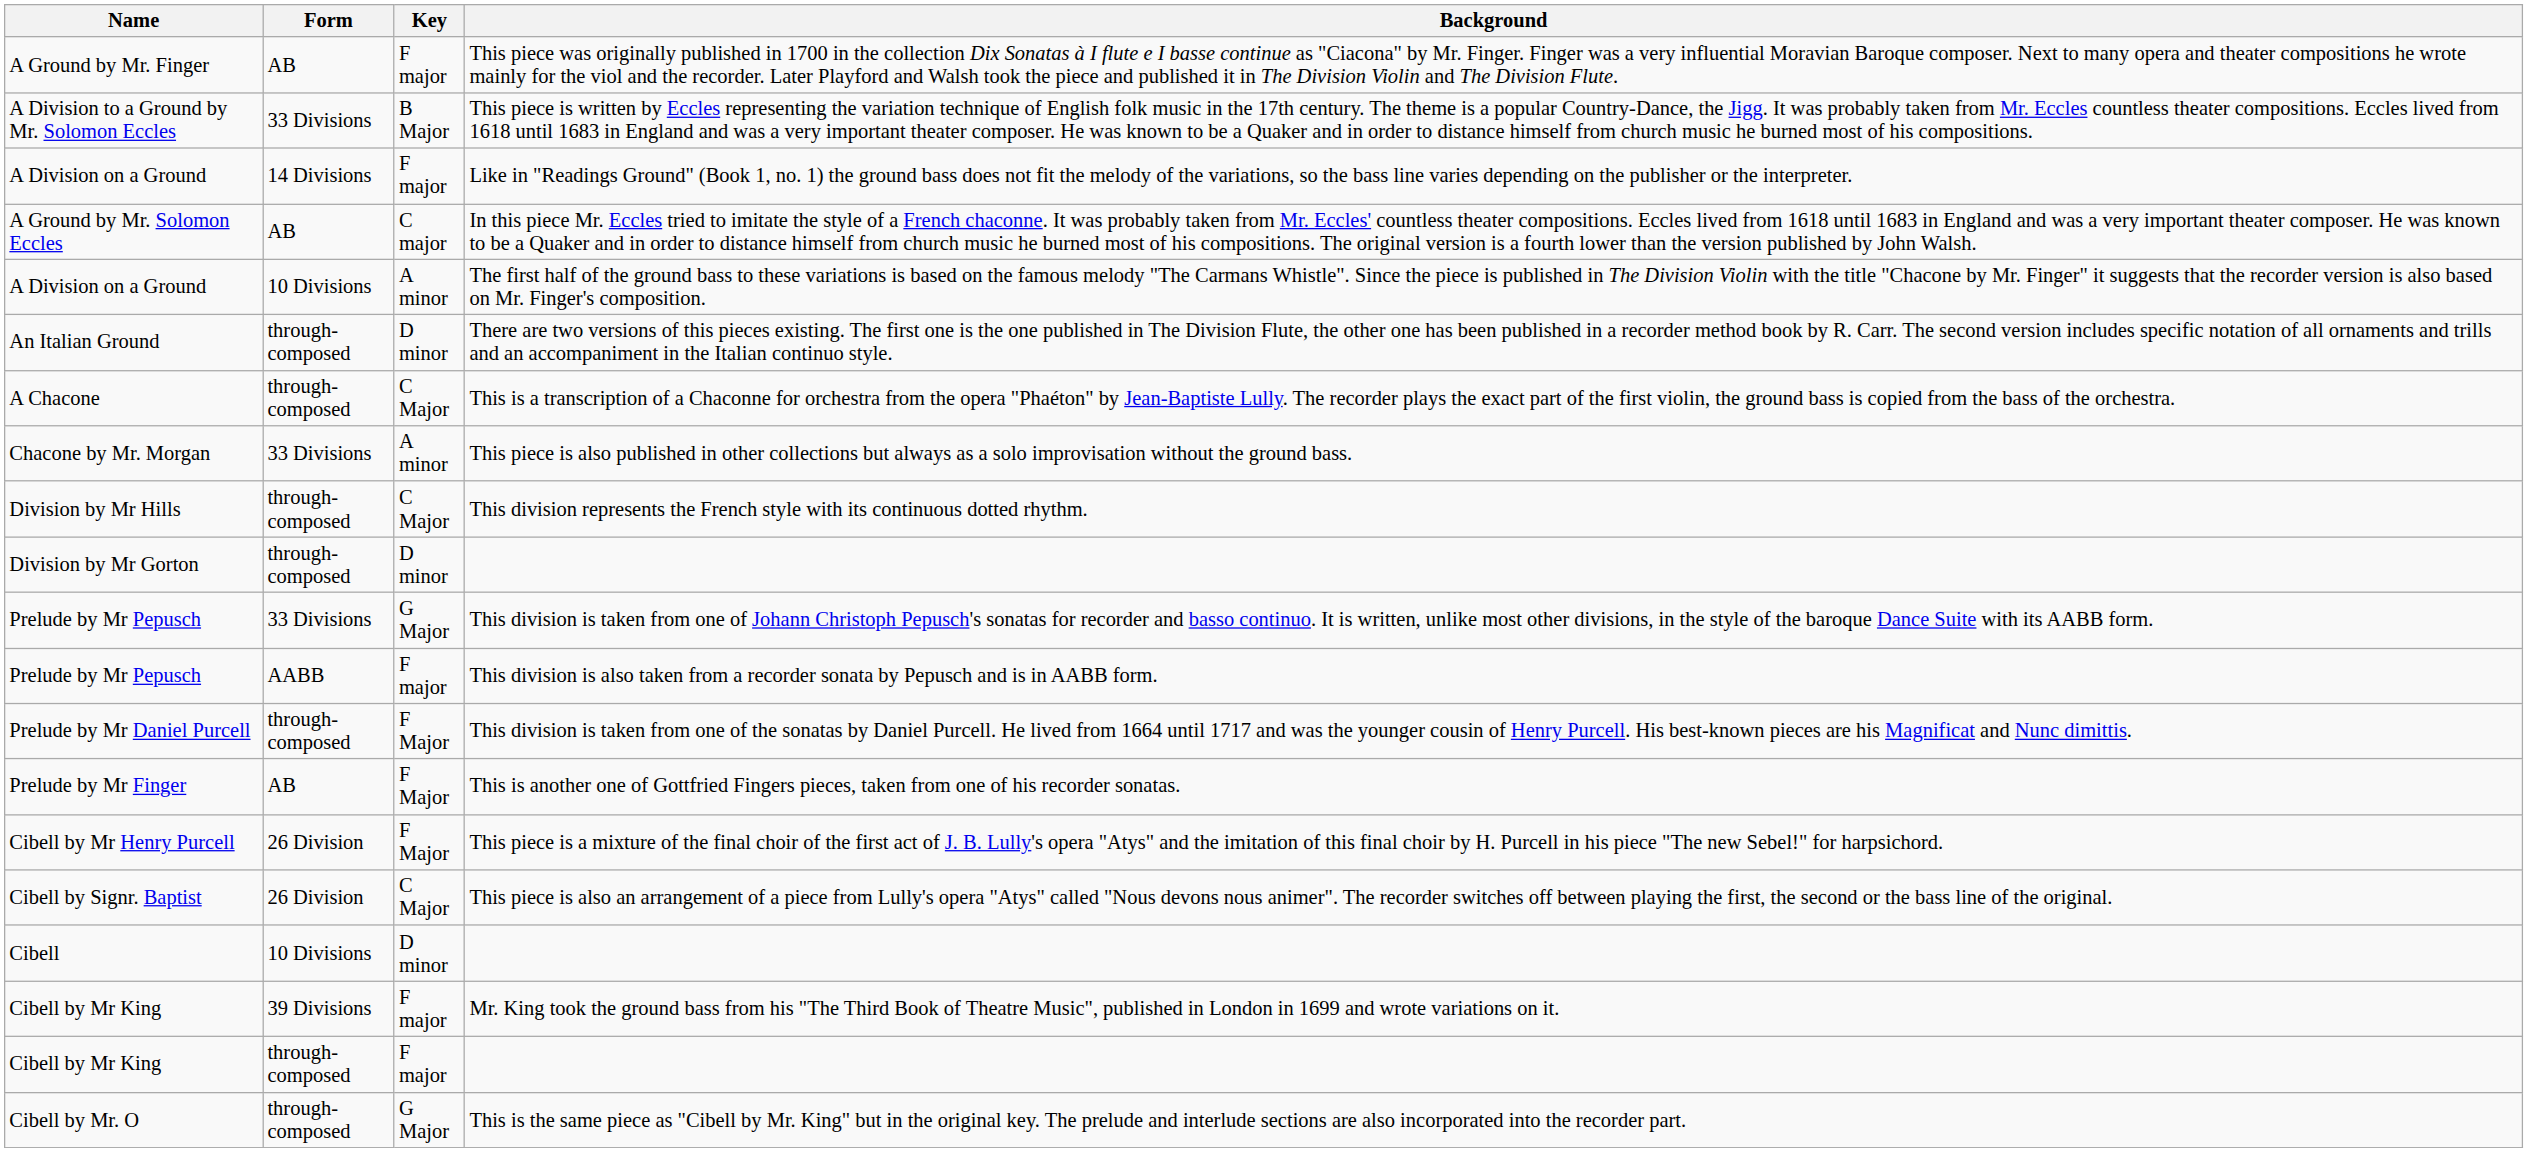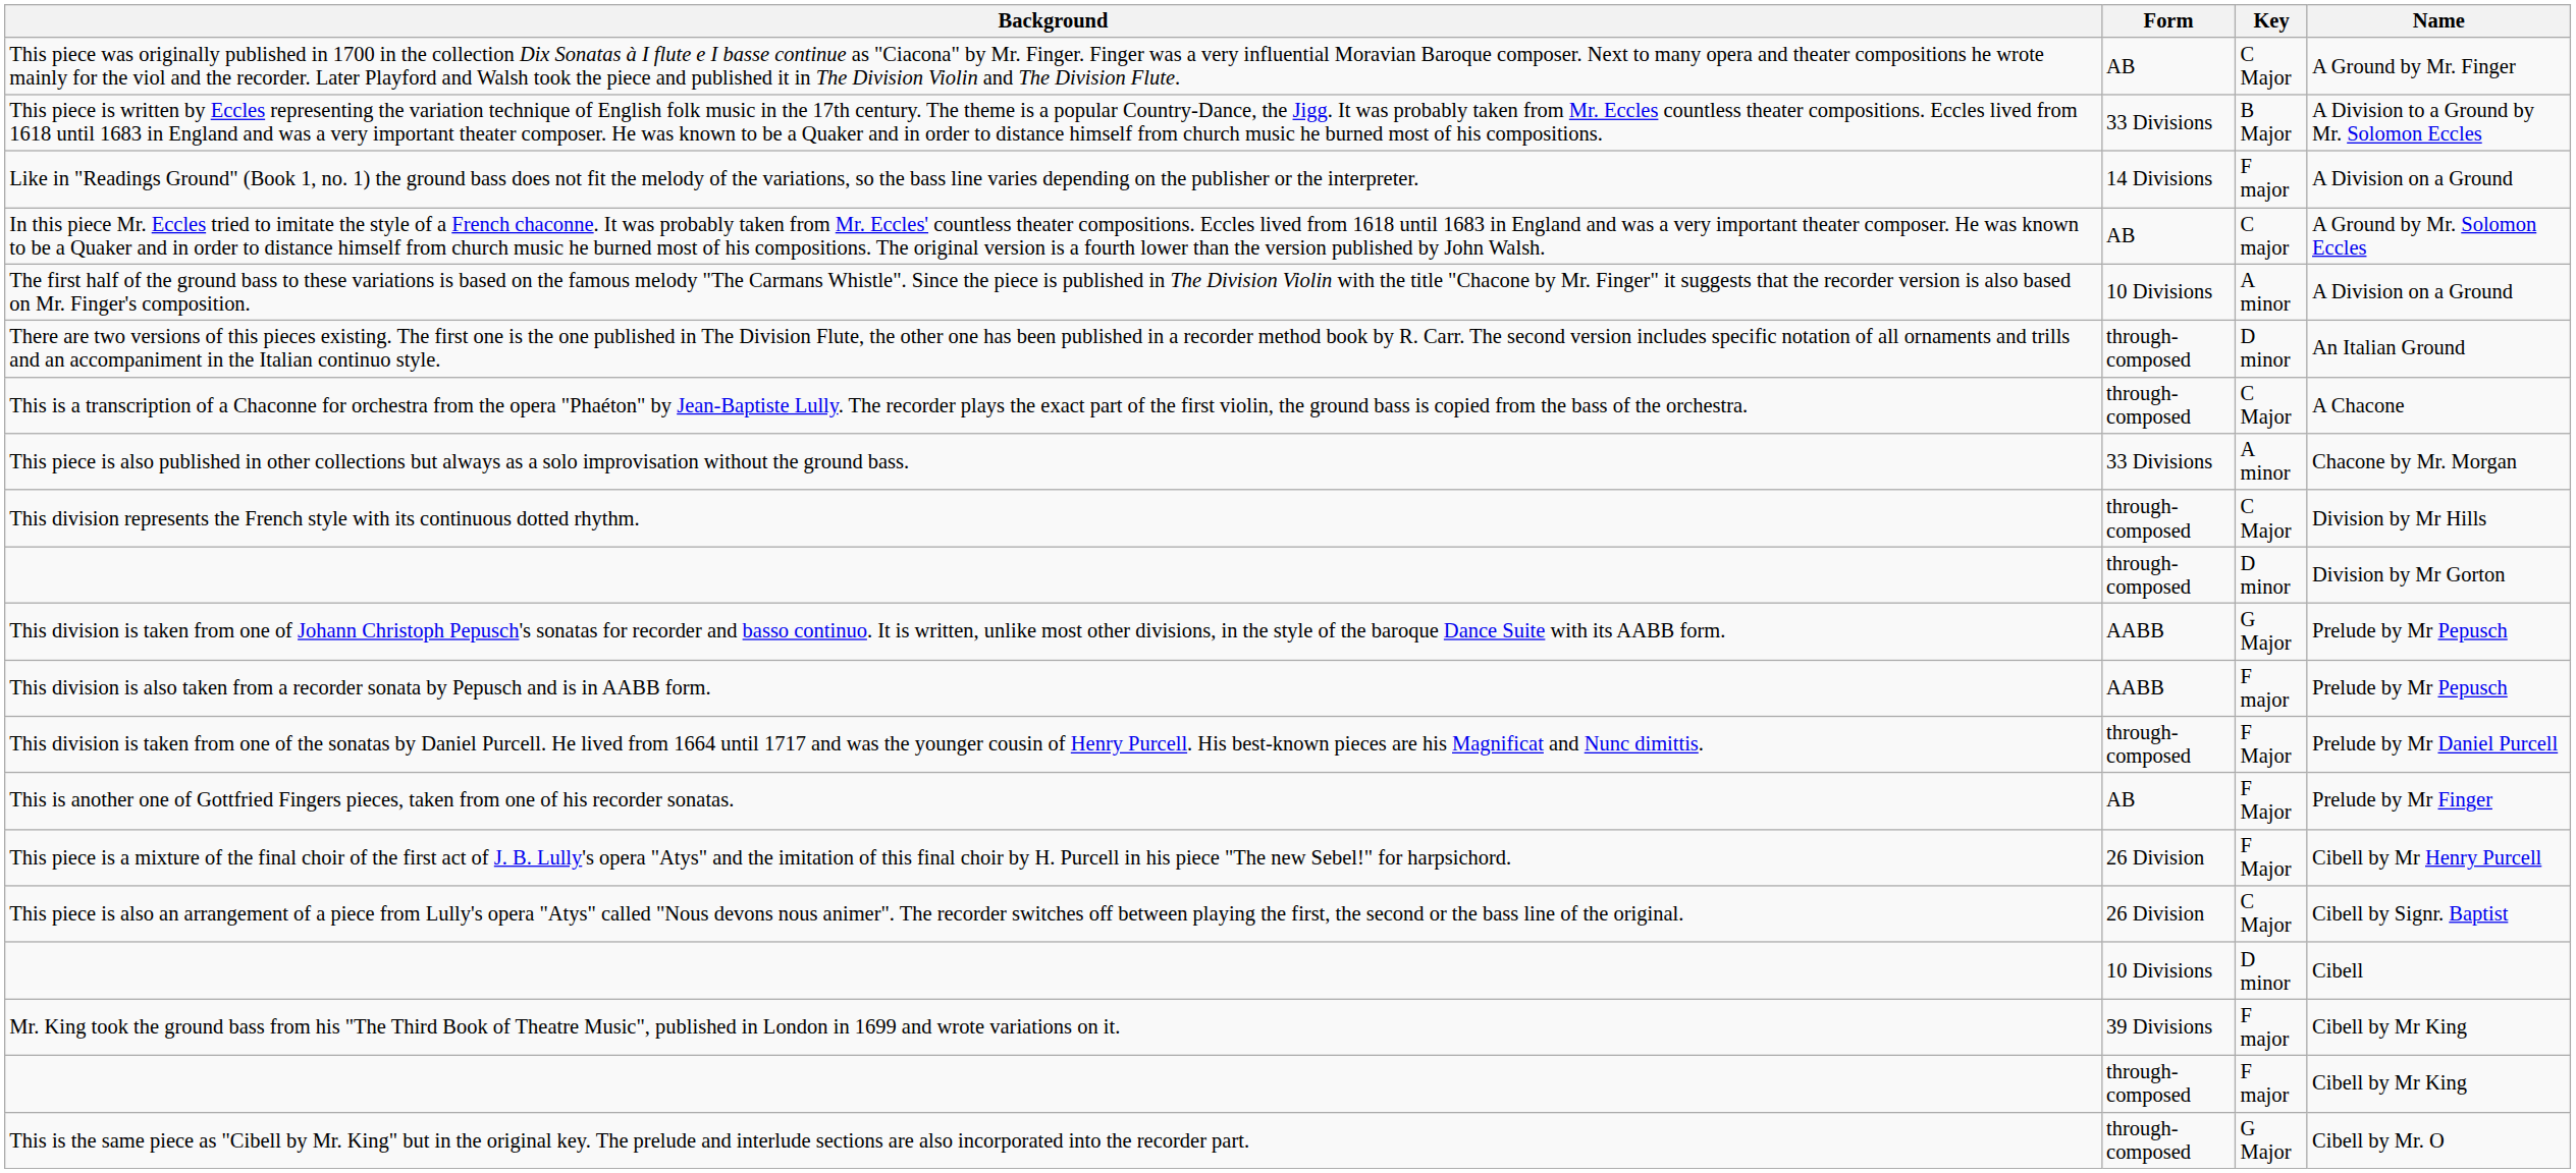 <table class="wikitable sortable">
 <tr>
-<th>Name</th>
+<th>Background</th>
 <th>Form</th>
 <th>Key</th>
-<th>Background</th>
+<th>Name</th>
 </tr>
 <tr>
+<td>This piece was originally published in 1700 in the collection <em>Dix Sonatas à I flute e I basse continue</em> as "Ciacona" by Mr. Finger. Finger was a very influential Moravian Baroque composer. Next to many opera and theater compositions he wrote mainly for the viol and the recorder. Later Playford and Walsh took the piece and published it in <em>The Division Violin</em> and <em>The Division Flute</em>.</td>
+<td>AB</td>
+<td>C Major</td>
 <td>A Ground by Mr. Finger</td>
-<td>AB</td>
-<td>F major</td>
-<td>This piece was originally published in 1700 in the collection <em>Dix Sonatas à I flute e I basse continue</em> as "Ciacona" by Mr. Finger. Finger was a very influential Moravian Baroque composer. Next to many opera and theater compositions he wrote mainly for the viol and the recorder. Later Playford and Walsh took the piece and published it in <em>The Division Violin</em> and <em>The Division Flute</em>.</td>
 </tr>
 <tr>
-<td>A Division to a Ground by Mr. <a href='#'>Solomon Eccles</a></td>
+<td>This piece is written by <a href='#'>Eccles</a> representing the variation technique of English folk music in the 17th century. The theme is a popular Country-Dance, the <a href='#'>Jigg</a>. It was probably taken from <a href='#'>Mr. Eccles</a> countless theater compositions. Eccles lived from 1618 until 1683 in England and was a very important theater composer. He was known to be a Quaker and in order to distance himself from church music he burned most of his compositions.</td>
 <td>33 Divisions</td>
 <td>B Major</td>
-<td>This piece is written by <a href='#'>Eccles</a> representing the variation technique of English folk music in the 17th century. The theme is a popular Country-Dance, the <a href='#'>Jigg</a>. It was probably taken from <a href='#'>Mr. Eccles</a> countless theater compositions. Eccles lived from 1618 until 1683 in England and was a very important theater composer. He was known to be a Quaker and in order to distance himself from church music he burned most of his compositions.</td>
+<td>A Division to a Ground by Mr. <a href='#'>Solomon Eccles</a></td>
 </tr>
 <tr>
-<td>A Division on a Ground</td>
+<td>Like in "Readings Ground" (Book 1, no. 1) the ground bass does not fit the melody of the variations, so the bass line varies depending on the publisher or the interpreter.</td>
 <td>14 Divisions</td>
 <td>F major</td>
-<td>Like in "Readings Ground" (Book 1, no. 1) the ground bass does not fit the melody of the variations, so the bass line varies depending on the publisher or the interpreter.</td>
+<td>A Division on a Ground</td>
 </tr>
 <tr>
-<td>A Ground by Mr. <a href='#'>Solomon Eccles</a></td>
+<td>In this piece Mr. <a href='#'>Eccles</a> tried to imitate the style of a <a href='#'>French chaconne</a>. It was probably taken from <a href='#'>Mr. Eccles'</a> countless theater compositions. Eccles lived from 1618 until 1683 in England and was a very important theater composer. He was known to be a Quaker and in order to distance himself from church music he burned most of his compositions. The original version is a fourth lower than the version published by John Walsh.</td>
 <td>AB</td>
 <td>C major</td>
-<td>In this piece Mr. <a href='#'>Eccles</a> tried to imitate the style of a <a href='#'>French chaconne</a>. It was probably taken from <a href='#'>Mr. Eccles'</a> countless theater compositions. Eccles lived from 1618 until 1683 in England and was a very important theater composer. He was known to be a Quaker and in order to distance himself from church music he burned most of his compositions. The original version is a fourth lower than the version published by John Walsh.</td>
+<td>A Ground by Mr. <a href='#'>Solomon Eccles</a></td>
 </tr>
 <tr>
-<td>A Division on a Ground</td>
+<td>The first half of the ground bass to these variations is based on the famous melody "The Carmans Whistle". Since the piece is published in <em>The Division Violin</em> with the title "Chacone by Mr. Finger" it suggests that the recorder version is also based on Mr. Finger's composition.</td>
 <td>10 Divisions</td>
 <td>A minor</td>
-<td>The first half of the ground bass to these variations is based on the famous melody "The Carmans Whistle". Since the piece is published in <em>The Division Violin</em> with the title "Chacone by Mr. Finger" it suggests that the recorder version is also based on Mr. Finger's composition.</td>
+<td>A Division on a Ground</td>
 </tr>
 <tr>
-<td>An Italian Ground</td>
+<td>There are two versions of this pieces existing. The first one is the one published in The Division Flute, the other one has been published in a recorder method book by R. Carr. The second version includes specific notation of all ornaments and trills and an accompaniment in the Italian continuo style.</td>
 <td>through-composed</td>
 <td>D minor</td>
-<td>There are two versions of this pieces existing. The first one is the one published in The Division Flute, the other one has been published in a recorder method book by R. Carr. The second version includes specific notation of all ornaments and trills and an accompaniment in the Italian continuo style.</td>
+<td>An Italian Ground</td>
 </tr>
 <tr>
-<td>A Chacone</td>
+<td>This is a transcription of a Chaconne for orchestra from the opera "Phaéton" by <a href='#'>Jean-Baptiste Lully</a>. The recorder plays the exact part of the first violin, the ground bass is copied from the bass of the orchestra.</td>
 <td>through-composed</td>
 <td>C Major</td>
-<td>This is a transcription of a Chaconne for orchestra from the opera "Phaéton" by <a href='#'>Jean-Baptiste Lully</a>. The recorder plays the exact part of the first violin, the ground bass is copied from the bass of the orchestra.</td>
+<td>A Chacone</td>
 </tr>
 <tr>
-<td>Chacone by Mr. Morgan</td>
+<td>This piece is also published in other collections but always as a solo improvisation without the ground bass.</td>
 <td>33 Divisions</td>
 <td>A minor</td>
-<td>This piece is also published in other collections but always as a solo improvisation without the ground bass.</td>
+<td>Chacone by Mr. Morgan</td>
 </tr>
 <tr>
-<td>Division by Mr Hills</td>
+<td>This division represents the French style with its continuous dotted rhythm.</td>
 <td>through-composed</td>
 <td>C Major</td>
-<td>This division represents the French style with its continuous dotted rhythm.</td>
+<td>Division by Mr Hills</td>
 </tr>
 <tr>
-<td>Division by Mr Gorton</td>
+<td></td>
 <td>through-composed</td>
 <td>D minor</td>
-<td></td>
+<td>Division by Mr Gorton</td>
 </tr>
 <tr>
+<td>This division is taken from one of <a href='#'>Johann Christoph Pepusch</a>'s sonatas for recorder and <a href='#'>basso continuo</a>. It is written, unlike most other divisions, in the style of the baroque <a href='#'>Dance Suite</a> with its AABB form.</td>
+<td>AABB</td>
+<td>G Major</td>
 <td>Prelude by Mr <a href='#'>Pepusch</a></td>
-<td>33 Divisions</td>
-<td>G Major</td>
-<td>This division is taken from one of <a href='#'>Johann Christoph Pepusch</a>'s sonatas for recorder and <a href='#'>basso continuo</a>. It is written, unlike most other divisions, in the style of the baroque <a href='#'>Dance Suite</a> with its AABB form.</td>
 </tr>
 <tr>
-<td>Prelude by Mr <a href='#'>Pepusch</a></td>
+<td>This division is also taken from a recorder sonata by Pepusch and is in AABB form.</td>
 <td>AABB</td>
 <td>F major</td>
-<td>This division is also taken from a recorder sonata by Pepusch and is in AABB form.</td>
+<td>Prelude by Mr <a href='#'>Pepusch</a></td>
 </tr>
 <tr>
-<td>Prelude by Mr <a href='#'>Daniel Purcell</a></td>
+<td>This division is taken from one of the sonatas by Daniel Purcell. He lived from 1664 until 1717 and was the younger cousin of <a href='#'>Henry Purcell</a>. His best-known pieces are his <a href='#'>Magnificat</a> and <a href='#'>Nunc dimittis</a>.  </td>
 <td>through-composed</td>
 <td>F Major</td>
-<td>This division is taken from one of the sonatas by Daniel Purcell. He lived from 1664 until 1717 and was the younger cousin of <a href='#'>Henry Purcell</a>. His best-known pieces are his <a href='#'>Magnificat</a> and <a href='#'>Nunc dimittis</a>.  </td>
+<td>Prelude by Mr <a href='#'>Daniel Purcell</a></td>
 </tr>
 <tr>
-<td>Prelude by Mr <a href='#'>Finger</a></td>
+<td>This is another one of Gottfried Fingers pieces, taken from one of his recorder sonatas.</td>
 <td>AB</td>
 <td>F Major</td>
-<td>This is another one of Gottfried Fingers pieces, taken from one of his recorder sonatas.</td>
+<td>Prelude by Mr <a href='#'>Finger</a></td>
 </tr>
 <tr>
-<td>Cibell by Mr <a href='#'>Henry Purcell</a></td>
+<td>This piece is a mixture of the final choir of the first act of <a href='#'>J. B. Lully</a>'s opera "Atys" and the imitation of this final choir by H. Purcell in his piece "The new Sebel!" for harpsichord.</td>
 <td>26 Division</td>
 <td>F Major</td>
-<td>This piece is a mixture of the final choir of the first act of <a href='#'>J. B. Lully</a>'s opera "Atys" and the imitation of this final choir by H. Purcell in his piece "The new Sebel!" for harpsichord.</td>
+<td>Cibell by Mr <a href='#'>Henry Purcell</a></td>
 </tr>
 <tr>
-<td>Cibell by Signr. <a href='#'>Baptist</a></td>
+<td>This piece is also an arrangement of a piece from Lully's opera "Atys" called "Nous devons nous animer". The recorder switches off between playing the first, the second or the bass line of the original.</td>
 <td>26 Division</td>
 <td>C Major</td>
-<td>This piece is also an arrangement of a piece from Lully's opera "Atys" called "Nous devons nous animer". The recorder switches off between playing the first, the second or the bass line of the original.</td>
+<td>Cibell by Signr. <a href='#'>Baptist</a></td>
 </tr>
 <tr>
-<td>Cibell</td>
+<td></td>
 <td>10 Divisions</td>
 <td>D minor</td>
-<td></td>
+<td>Cibell</td>
 </tr>
 <tr>
-<td>Cibell by Mr King</td>
+<td>Mr. King took the ground bass from his "The Third Book of Theatre Music", published in London in 1699 and wrote variations on it.</td>
 <td>39 Divisions</td>
 <td>F major</td>
-<td>Mr. King took the ground bass from his "The Third Book of Theatre Music", published in London in 1699 and wrote variations on it.</td>
+<td>Cibell by Mr King</td>
 </tr>
 <tr>
-<td>Cibell by Mr King</td>
+<td></td>
 <td>through-composed</td>
 <td>F major</td>
-<td></td>
+<td>Cibell by Mr King</td>
 </tr>
 <tr>
-<td>Cibell by Mr. O</td>
+<td>This is the same piece as "Cibell by Mr. King" but in the original key. The prelude and interlude sections are also incorporated into the recorder part.</td>
 <td>through-composed</td>
 <td>G Major</td>
-<td>This is the same piece as "Cibell by Mr. King" but in the original key. The prelude and interlude sections are also incorporated into the recorder part.</td>
+<td>Cibell by Mr. O</td>
 </tr>
 </table>
